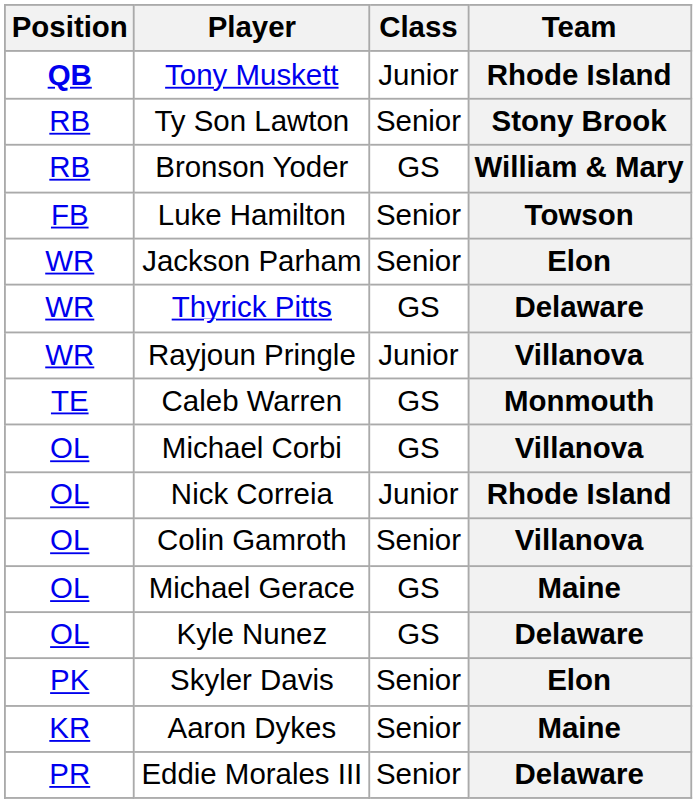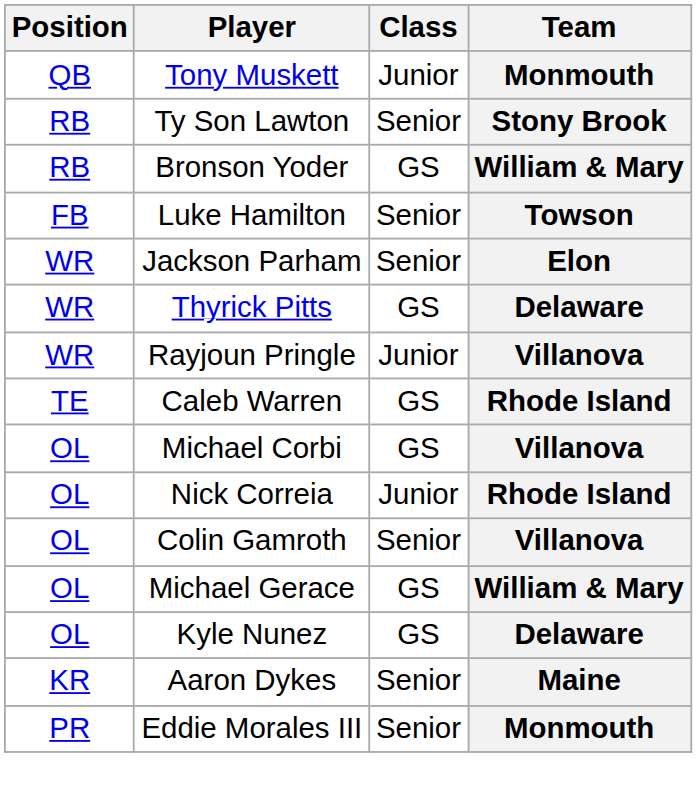 <table class="wikitable sortable" border="1">
 <tr>
 <th>Position</th>
 <th>Player</th>
 <th>Class</th>
 <th>Team</th>
 </tr>
 <tr>
-<td style="text-align:center; background:white"><strong><a href='#'>QB</a></strong></td>
+<td style="text-align:center; background:white"><a href='#'>QB</a></td>
 <td style="text-align:center; background:white"><a href='#'>Tony Muskett</a></td>
 <td style="text-align:center; background:white">Junior</td>
-<th>Rhode Island</th>
+<th>Monmouth</th>
 </tr>
 <tr>
 <td style="text-align:center; background:white"><a href='#'>RB</a></td>
 <td style="text-align:center; background:white">Ty Son Lawton</td>
 <td style="text-align:center; background:white">Senior</td>
 <th>Stony Brook</th>
 </tr>
 <tr>
 <td style="text-align:center; background:white"><a href='#'>RB</a></td>
 <td style="text-align:center; background:white">Bronson Yoder</td>
 <td style="text-align:center; background:white">GS</td>
 <th>William & Mary</th>
 </tr>
 <tr>
 <td style="text-align:center; background:white"><a href='#'>FB</a></td>
 <td style="text-align:center; background:white">Luke Hamilton</td>
 <td style="text-align:center; background:white">Senior</td>
 <th>Towson</th>
 </tr>
 <tr>
 <td style="text-align:center; background:white"><a href='#'>WR</a></td>
 <td style="text-align:center; background:white">Jackson Parham</td>
 <td style="text-align:center; background:white">Senior</td>
 <th>Elon</th>
 </tr>
 <tr>
 <td style="text-align:center; background:white"><a href='#'>WR</a></td>
 <td style="text-align:center; background:white"><a href='#'>Thyrick Pitts</a></td>
 <td style="text-align:center; background:white">GS</td>
 <th>Delaware</th>
 </tr>
 <tr>
 <td style="text-align:center; background:white"><a href='#'>WR</a></td>
 <td style="text-align:center; background:white">Rayjoun Pringle</td>
 <td style="text-align:center; background:white">Junior</td>
 <th>Villanova</th>
 </tr>
 <tr>
 <td style="text-align:center; background:white"><a href='#'>TE</a></td>
 <td style="text-align:center; background:white">Caleb Warren</td>
 <td style="text-align:center; background:white">GS</td>
-<th>Monmouth</th>
+<th>Rhode Island</th>
 </tr>
 <tr>
 <td style="text-align:center; background:white"><a href='#'>OL</a></td>
 <td style="text-align:center; background:white">Michael Corbi</td>
 <td style="text-align:center; background:white">GS</td>
 <th>Villanova</th>
 </tr>
 <tr>
 <td style="text-align:center; background:white"><a href='#'>OL</a></td>
 <td style="text-align:center; background:white">Nick Correia</td>
 <td style="text-align:center; background:white">Junior</td>
 <th>Rhode Island</th>
 </tr>
 <tr>
 <td style="text-align:center; background:white"><a href='#'>OL</a></td>
 <td style="text-align:center; background:white">Colin Gamroth</td>
 <td style="text-align:center; background:white">Senior</td>
 <th>Villanova</th>
 </tr>
 <tr>
 <td style="text-align:center; background:white"><a href='#'>OL</a></td>
 <td style="text-align:center; background:white">Michael Gerace</td>
 <td style="text-align:center; background:white">GS</td>
-<th>Maine</th>
+<th>William & Mary</th>
 </tr>
 <tr>
 <td style="text-align:center; background:white"><a href='#'>OL</a></td>
 <td style="text-align:center; background:white">Kyle Nunez</td>
 <td style="text-align:center; background:white">GS</td>
 <th>Delaware</th>
-</tr>
-<tr>
-<td style="text-align:center; background:white"><a href='#'>PK</a></td>
-<td style="text-align:center; background:white">Skyler Davis</td>
-<td style="text-align:center; background:white">Senior</td>
-<th>Elon</th>
 </tr>
 <tr>
 <td style="text-align:center; background:white"><a href='#'>KR</a></td>
 <td style="text-align:center; background:white">Aaron Dykes</td>
 <td style="text-align:center; background:white">Senior</td>
 <th>Maine</th>
 </tr>
 <tr>
 <td style="text-align:center; background:white"><a href='#'>PR</a></td>
 <td style="text-align:center; background:white">Eddie Morales III</td>
 <td style="text-align:center; background:white">Senior</td>
-<th>Delaware</th>
+<th>Monmouth</th>
 </tr>
 </table>
